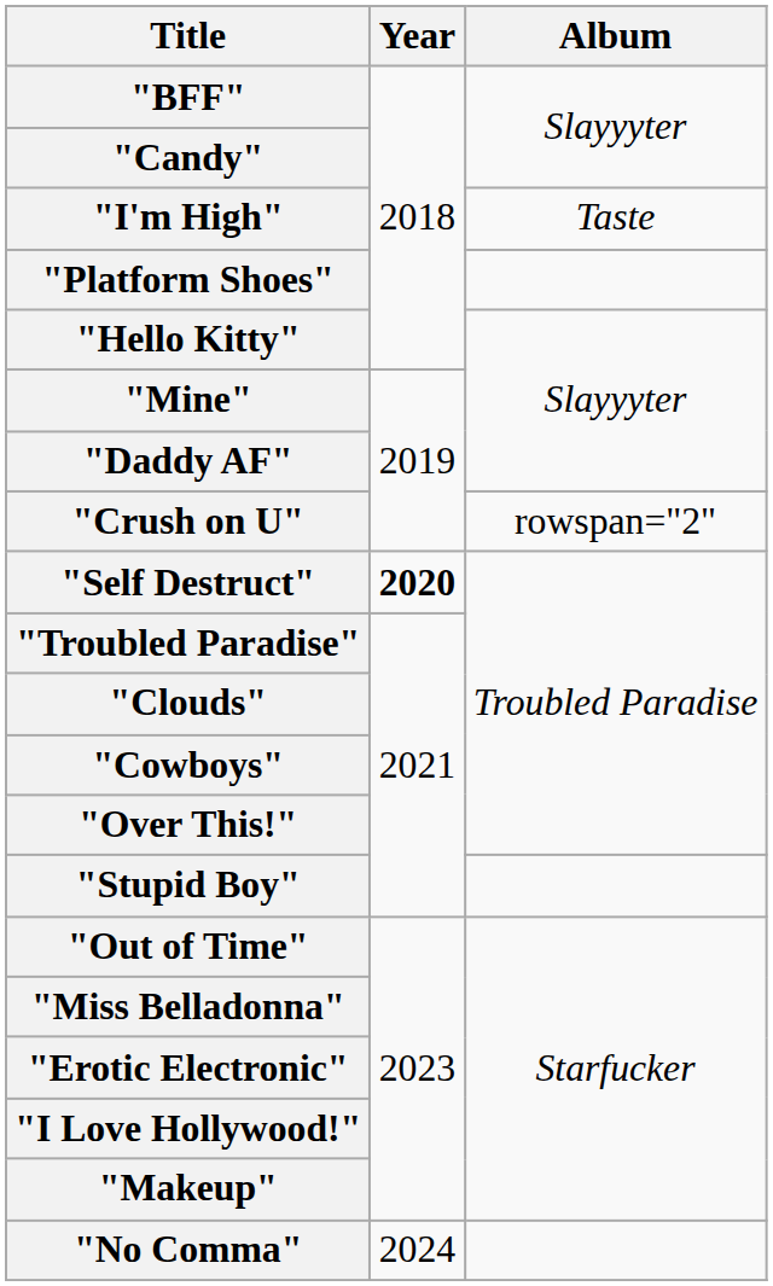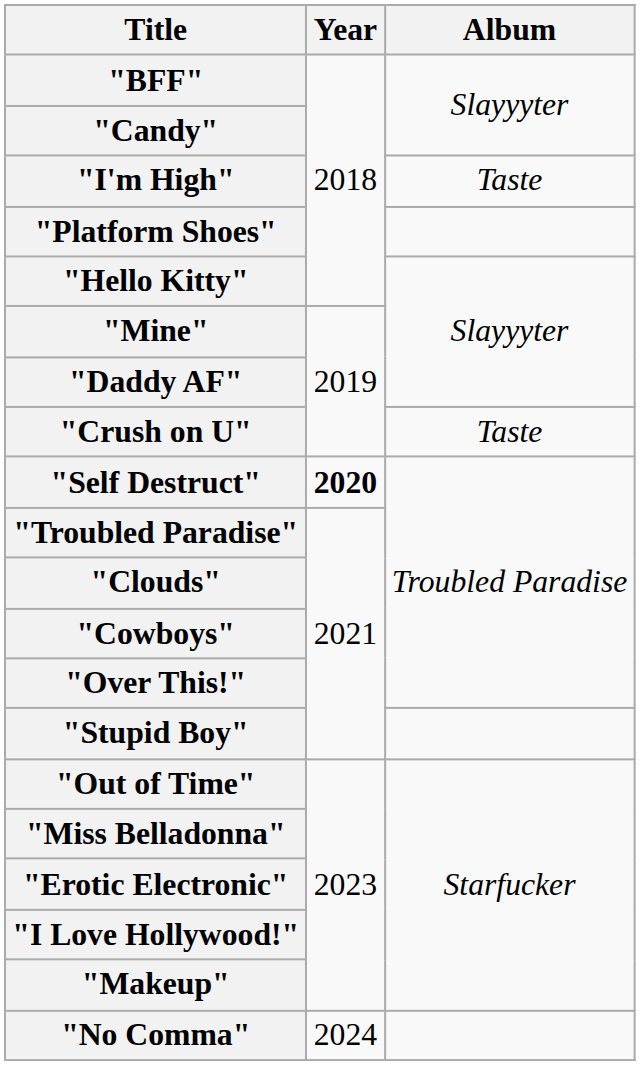 <table class="wikitable plainrowheaders" style="text-align:center">
 <tr>
 <th scope="col">Title</th>
 <th scope="col">Year</th>
 <th scope="col">Album</th>
 </tr>
 <tr>
 <th scope="row">"BFF"<br></th>
 <td rowspan="5">2018</td>
 <td rowspan="2"><em>Slayyyter</em></td>
 </tr>
 <tr>
 <th scope="row">"Candy"</th>
 </tr>
 <tr>
 <th scope="row">"I'm High"</th>
 <td><em>Taste</em></td>
 </tr>
 <tr>
 <th scope="row">"Platform Shoes"</th>
 </tr>
 <tr>
 <th scope="row">"Hello Kitty"</th>
 <td rowspan="3"><em>Slayyyter</em></td>
 </tr>
 <tr>
 <th scope="row">"Mine"</th>
 <td rowspan="3">2019</td>
 </tr>
 <tr>
 <th scope="row">"Daddy AF"</th>
 </tr>
 <tr>
 <th scope="row">"Crush on U"<br></th>
-<td>rowspan="2" </td>
+<td><em>Taste</em></td>
 </tr>
 <tr>
 <th scope="row">"Self Destruct"<br></th>
 <td><strong>2020</strong></td>
 <td rowspan="5"><em>Troubled Paradise</em></td>
 </tr>
 <tr>
 <th scope="row">"Troubled Paradise"</th>
 <td rowspan="5">2021</td>
 </tr>
 <tr>
 <th scope="row">"Clouds"</th>
 </tr>
 <tr>
 <th scope="row">"Cowboys"</th>
 </tr>
 <tr>
 <th scope="row">"Over This!"</th>
 </tr>
 <tr>
 <th scope="row">"Stupid Boy"<br></th>
 <td></td>
 </tr>
 <tr>
 <th scope="row">"Out of Time"</th>
 <td rowspan="5">2023</td>
 <td rowspan="5"><em>Starfucker</em></td>
 </tr>
 <tr>
 <th scope="row">"Miss Belladonna"</th>
 </tr>
 <tr>
 <th scope="row">"Erotic Electronic"</th>
 </tr>
 <tr>
 <th scope="row">"I Love Hollywood!"</th>
 </tr>
 <tr>
 <th scope="row">"Makeup"<br></th>
 </tr>
 <tr>
 <th scope="row">"No Comma"</th>
 <td>2024</td>
 <td></td>
 </tr>
 <tr>
 </tr>
 </table>
